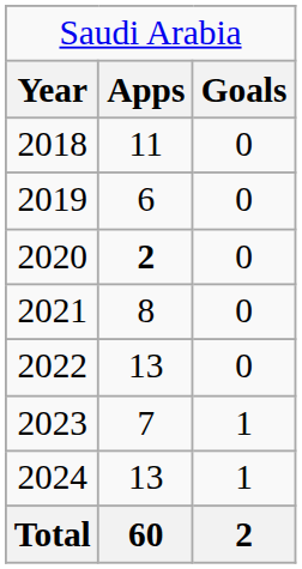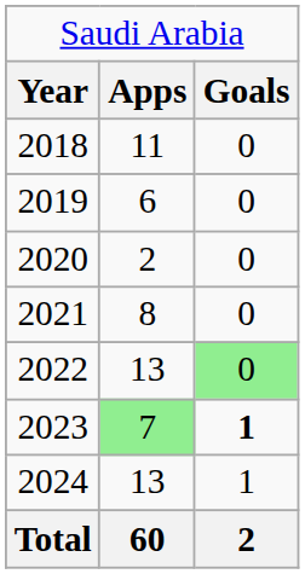 <table class="wikitable" style="text-align:center">
 <tr>
 <td colspan=3><a href='#'>Saudi Arabia</a></td>
 </tr>
 <tr>
 <th>Year</th>
 <th>Apps</th>
 <th>Goals</th>
 </tr>
 <tr>
 <td>2018</td>
 <td>11</td>
 <td>0</td>
 </tr>
 <tr>
 <td>2019</td>
 <td>6</td>
 <td>0</td>
 </tr>
 <tr>
 <td>2020</td>
-<td><strong>2</strong></td>
+<td>2</td>
 <td>0</td>
 </tr>
 <tr>
 <td>2021</td>
 <td>8</td>
 <td>0</td>
 </tr>
 <tr>
 <td>2022</td>
 <td>13</td>
-<td>0</td>
+<td style="background: lightgreen;">0</td>
 </tr>
 <tr>
 <td>2023</td>
-<td>7</td>
-<td>1</td>
+<td style="background: lightgreen;">7</td>
+<td><strong>1</strong></td>
 </tr>
 <tr>
 <td>2024</td>
 <td>13</td>
 <td>1</td>
 </tr>
 <tr>
 <th>Total</th>
 <th>60</th>
 <th>2</th>
 </tr>
 </table>
